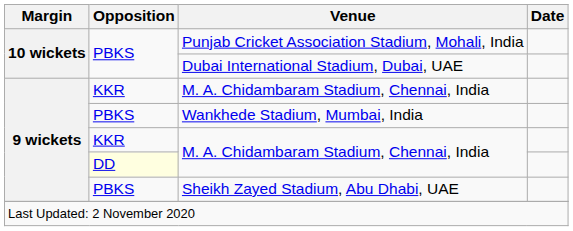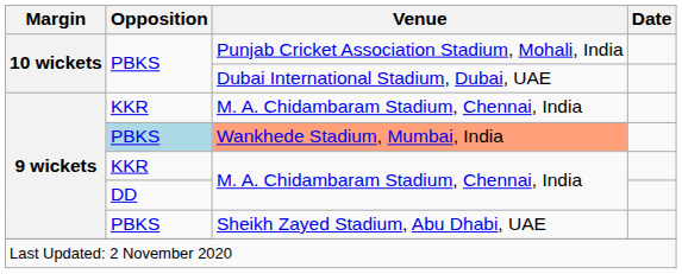 <table class="wikitable">
 <tr>
 <th>Margin</th>
 <th>Opposition</th>
 <th>Venue</th>
 <th>Date</th>
 </tr>
 <tr>
 <th rowspan=2>10 wickets</th>
 <td rowspan=2><a href='#'>PBKS</a></td>
 <td><a href='#'>Punjab Cricket Association Stadium</a>, <a href='#'>Mohali</a>, India</td>
 <td></td>
 </tr>
 <tr>
 <td><a href='#'>Dubai International Stadium</a>, <a href='#'>Dubai</a>, UAE</td>
 <td></td>
 </tr>
 <tr>
 <th rowspan=5>9 wickets</th>
 <td><a href='#'>KKR</a></td>
 <td><a href='#'>M. A. Chidambaram Stadium</a>, <a href='#'>Chennai</a>, India</td>
 <td></td>
 </tr>
 <tr>
-<td><a href='#'>PBKS</a></td>
-<td><a href='#'>Wankhede Stadium</a>, <a href='#'>Mumbai</a>, India</td>
+<td style="background: lightblue;"><a href='#'>PBKS</a></td>
+<td style="background: lightsalmon;"><a href='#'>Wankhede Stadium</a>, <a href='#'>Mumbai</a>, India</td>
 <td></td>
 </tr>
 <tr>
 <td><a href='#'>KKR</a></td>
 <td rowspan=2><a href='#'>M. A. Chidambaram Stadium</a>, <a href='#'>Chennai</a>, India</td>
 <td></td>
 </tr>
 <tr>
-<td style="background: lightyellow;"><a href='#'>DD</a></td>
+<td><a href='#'>DD</a></td>
 <td></td>
 </tr>
 <tr>
 <td><a href='#'>PBKS</a></td>
 <td><a href='#'>Sheikh Zayed Stadium</a>, <a href='#'>Abu Dhabi</a>, UAE</td>
 <td></td>
 </tr>
 <tr>
 </tr>
 <tr class=sortbottom>
 <td colspan=4><small>Last Updated: 2 November 2020</small></td>
 </tr>
 </table>
